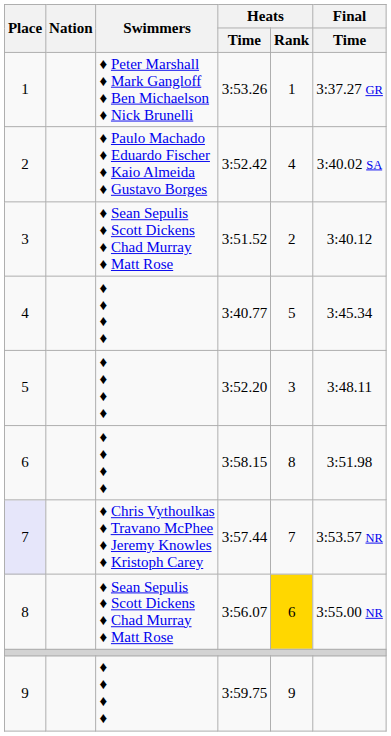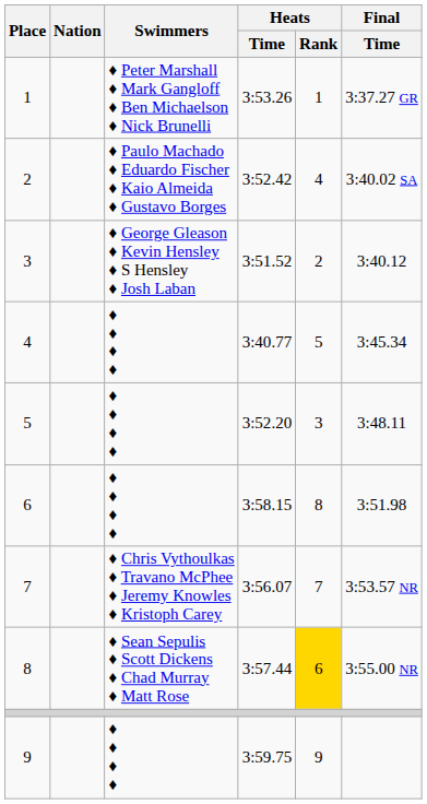 <table class="wikitable" style="text-align:center;">
 <tr>
 <th rowspan="2">Place</th>
 <th rowspan="2">Nation</th>
 <th rowspan="2">Swimmers</th>
 <th colspan="2">Heats</th>
 <th>Final</th>
 </tr>
 <tr>
 <th>Time</th>
 <th>Rank</th>
 <th>Time</th>
 </tr>
 <tr>
 <td>1</td>
 <td align=left></td>
 <td align=left>♦ <a href='#'>Peter Marshall</a><br>♦ <a href='#'>Mark Gangloff</a><br>♦ <a href='#'>Ben Michaelson</a><br>♦ <a href='#'>Nick Brunelli</a></td>
 <td>3:53.26</td>
 <td>1</td>
 <td>3:37.27 <small><a href='#'>GR</a></small></td>
 </tr>
 <tr>
 <td>2</td>
 <td align=left></td>
 <td align=left>♦ <a href='#'>Paulo Machado</a><br>♦ <a href='#'>Eduardo Fischer</a><br>♦ <a href='#'>Kaio Almeida</a><br>♦ <a href='#'>Gustavo Borges</a></td>
 <td>3:52.42</td>
 <td>4</td>
 <td>3:40.02 <small><a href='#'>SA</a></small></td>
 </tr>
 <tr>
 <td>3</td>
 <td align=left></td>
-<td align=left>♦ <a href='#'>Sean Sepulis</a><br>♦ <a href='#'>Scott Dickens</a><br>♦ <a href='#'>Chad Murray</a><br>♦ <a href='#'>Matt Rose</a></td>
+<td align=left>♦ <a href='#'>George Gleason</a> <br>♦ <a href='#'>Kevin Hensley</a> <br>♦ S Hensley <br>♦ <a href='#'>Josh Laban</a></td>
 <td>3:51.52</td>
 <td>2</td>
 <td>3:40.12</td>
 </tr>
 <tr>
 <td>4</td>
 <td align=left></td>
 <td align=left>♦ <br>♦ <br>♦ <br>♦</td>
 <td>3:40.77</td>
 <td>5</td>
 <td>3:45.34</td>
 </tr>
 <tr>
 <td>5</td>
 <td align=left></td>
 <td align=left>♦ <br>♦ <br>♦ <br>♦</td>
 <td>3:52.20</td>
 <td>3</td>
 <td>3:48.11</td>
 </tr>
 <tr>
 <td>6</td>
 <td align=left></td>
 <td align=left>♦ <br>♦ <br>♦ <br>♦</td>
 <td>3:58.15</td>
 <td>8</td>
 <td>3:51.98</td>
 </tr>
 <tr>
-<td style="background: lavender;">7</td>
+<td>7</td>
 <td align=left></td>
 <td align=left>♦ <a href='#'>Chris Vythoulkas</a><br>♦ <a href='#'>Travano McPhee</a><br>♦ <a href='#'>Jeremy Knowles</a><br>♦ <a href='#'>Kristoph Carey</a></td>
-<td>3:57.44</td>
+<td>3:56.07</td>
 <td>7</td>
 <td>3:53.57 <small><a href='#'>NR</a></small></td>
 </tr>
 <tr>
 <td>8</td>
 <td align=left></td>
 <td align=left>♦ <a href='#'>Sean Sepulis</a><br>♦ <a href='#'>Scott Dickens</a><br>♦ <a href='#'>Chad Murray</a><br>♦ <a href='#'>Matt Rose</a></td>
-<td>3:56.07</td>
+<td>3:57.44</td>
 <td style="background: gold;">6</td>
 <td>3:55.00 <small><a href='#'>NR</a></small></td>
 </tr>
 <tr>
 <td colspan=6 bgcolor=lightgray></td>
 </tr>
 <tr>
 <td>9</td>
 <td align=left></td>
 <td align=left>♦ <br>♦ <br>♦ <br>♦</td>
 <td>3:59.75</td>
 <td>9</td>
 <td></td>
 </tr>
 </table>
